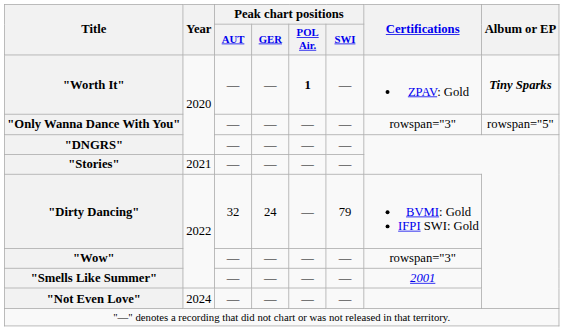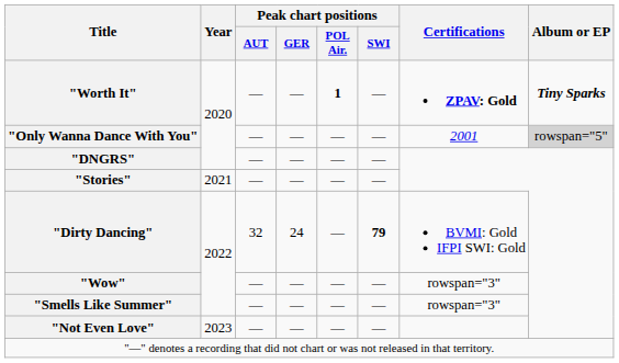 <table class="wikitable plainrowheaders" style="text-align:center;">
 <tr>
 <th scope="col" rowspan="2">Title</th>
 <th scope="col" rowspan="2">Year</th>
 <th scope="col" colspan="4">Peak chart positions</th>
 <th scope="col" rowspan="2"><a href='#'>Certifications</a></th>
 <th scope="col" rowspan="2">Album or EP</th>
 </tr>
 <tr>
 <th scope="col" style="width:3em;font-size:85%;"><a href='#'>AUT</a><br></th>
 <th scope="col" style="width:3em;font-size:85%;"><a href='#'>GER</a><br></th>
 <th scope="col" style="width:3em;font-size:85%;"><a href='#'>POL<br>Air.</a><br></th>
 <th scope="col" style="width:3em;font-size:85%;"><a href='#'>SWI</a><br></th>
 </tr>
 <tr>
 <th scope="row">"Worth It"<br></th>
 <td rowspan="3">2020</td>
 <td>—</td>
 <td>—</td>
 <td><strong>1</strong></td>
 <td>—</td>
-<td><br><ul><li><a href='#'>ZPAV</a>: Gold</li></ul></td>
+<td><strong><br><ul><li><a href='#'>ZPAV</a>: Gold</li></ul></strong></td>
 <td><strong><em>Tiny Sparks</em></strong></td>
 </tr>
 <tr>
 <th scope="row">"Only Wanna Dance With You"<br></th>
 <td>—</td>
 <td>—</td>
 <td>—</td>
 <td>—</td>
-<td>rowspan="3" </td>
-<td>rowspan="5" </td>
+<td><em><a href='#'>2001</a></em></td>
+<td style="background: lightgrey;">rowspan="5" </td>
 </tr>
 <tr>
 <th scope="row">"DNGRS"<br></th>
 <td>—</td>
 <td>—</td>
 <td>—</td>
 <td>—</td>
 </tr>
 <tr>
 <th scope="row">"Stories"<br></th>
 <td>2021</td>
 <td>—</td>
 <td>—</td>
 <td>—</td>
 <td>—</td>
 </tr>
 <tr>
 <th scope="row">"Dirty Dancing"<br></th>
 <td rowspan="3">2022</td>
 <td>32</td>
 <td>24</td>
 <td>—</td>
-<td>79</td>
+<td><strong>79</strong></td>
 <td><br><ul><li><a href='#'>BVMI</a>: Gold</li><li><a href='#'>IFPI</a> SWI: Gold</li></ul></td>
 </tr>
 <tr>
 <th scope="row">"Wow"<br></th>
 <td>—</td>
 <td>—</td>
 <td>—</td>
 <td>—</td>
 <td>rowspan="3" </td>
 </tr>
 <tr>
 <th scope="row">"Smells Like Summer"<br></th>
 <td>—</td>
 <td>—</td>
 <td>—</td>
 <td>—</td>
-<td><em><a href='#'>2001</a></em></td>
+<td>rowspan="3" </td>
 </tr>
 <tr>
 <th scope="row">"Not Even Love"<br></th>
-<td>2024</td>
+<td>2023</td>
 <td>—</td>
 <td>—</td>
 <td>—</td>
 <td>—</td>
 <td></td>
 </tr>
 <tr>
 <td colspan="8" style="font-size:85%">"—" denotes a recording that did not chart or was not released in that territory.</td>
 </tr>
 </table>
